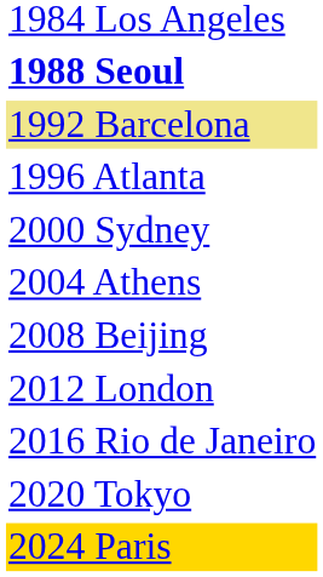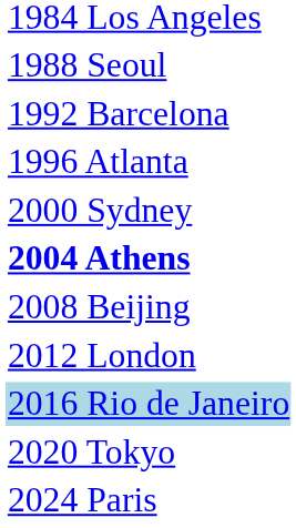 <table>
 <tr>
 <td><a href='#'>1984 Los Angeles</a><br></td>
 <td></td>
 <td></td>
 <td></td>
 </tr>
 <tr>
-<td><strong><a href='#'>1988 Seoul</a><br></strong></td>
+<td><a href='#'>1988 Seoul</a><br></td>
 <td></td>
 <td></td>
 <td></td>
 </tr>
 <tr>
-<td style="background: khaki;"><a href='#'>1992 Barcelona</a><br></td>
+<td><a href='#'>1992 Barcelona</a><br></td>
 <td></td>
 <td></td>
 <td></td>
 </tr>
 <tr>
 <td><a href='#'>1996 Atlanta</a><br></td>
 <td></td>
 <td></td>
 <td></td>
 </tr>
 <tr>
 <td><a href='#'>2000 Sydney</a><br></td>
 <td></td>
 <td></td>
 <td></td>
 </tr>
 <tr>
-<td><a href='#'>2004 Athens</a><br></td>
+<td><strong><a href='#'>2004 Athens</a><br></strong></td>
 <td></td>
 <td></td>
 <td></td>
 </tr>
 <tr>
 <td><a href='#'>2008 Beijing</a><br></td>
 <td></td>
 <td></td>
 <td></td>
 </tr>
 <tr>
 <td><a href='#'>2012 London</a><br></td>
 <td></td>
 <td></td>
 <td></td>
 </tr>
 <tr>
-<td><a href='#'>2016 Rio de Janeiro</a><br></td>
+<td style="background: lightblue;"><a href='#'>2016 Rio de Janeiro</a><br></td>
 <td></td>
 <td></td>
 <td></td>
 </tr>
 <tr>
 <td><a href='#'>2020 Tokyo</a><br></td>
 <td></td>
 <td></td>
 <td></td>
 </tr>
 <tr>
-<td style="background: gold;"><a href='#'>2024 Paris</a> <br></td>
+<td><a href='#'>2024 Paris</a> <br></td>
 <td></td>
 <td></td>
 <td></td>
 </tr>
 </table>
